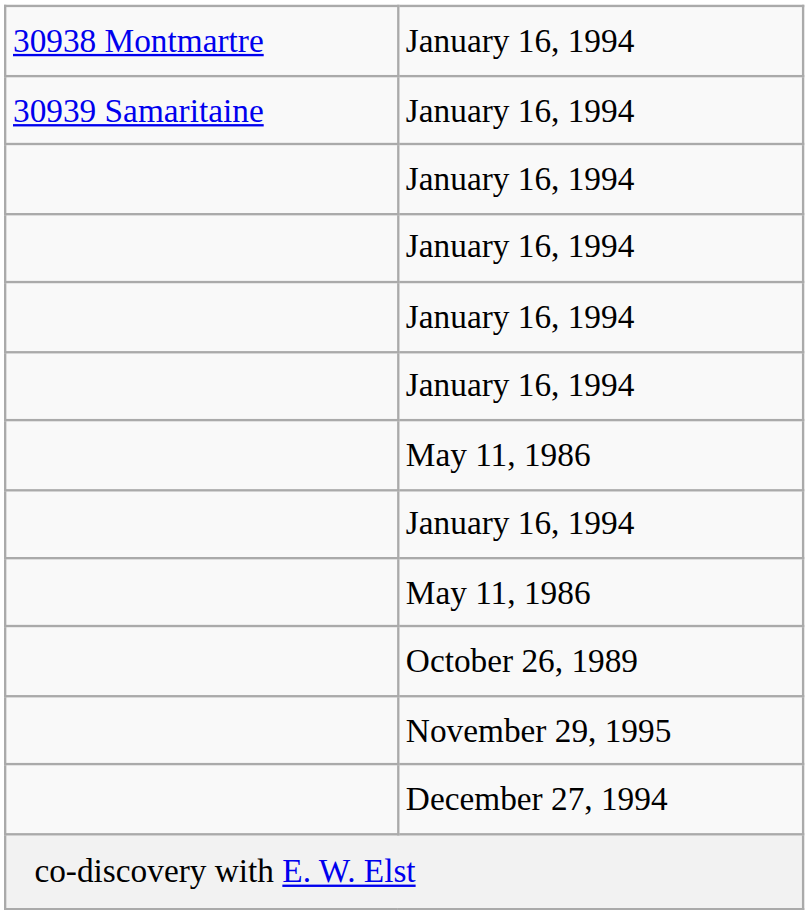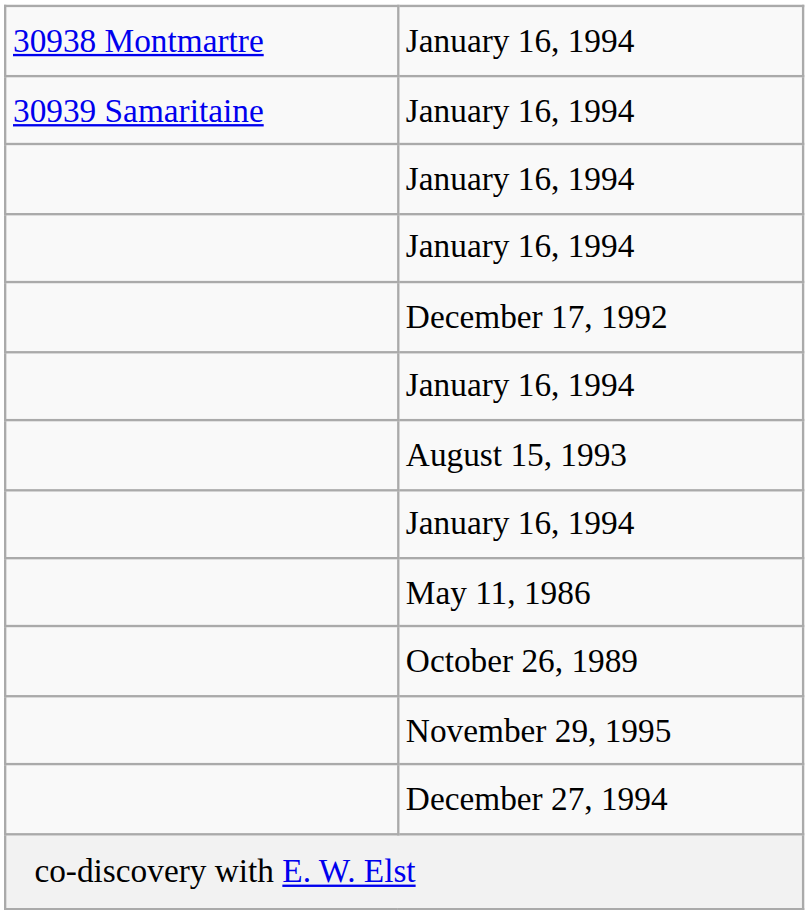 <table class="wikitable" style="font-size: 89%; float: left; width: 24em; margin-right: 1em; line-height: 1.6em !important;">
 <tr>
 <td><a href='#'>30938 Montmartre</a> </td>
 <td>January 16, 1994</td>
 </tr>
 <tr>
 <td><a href='#'>30939 Samaritaine</a> </td>
 <td>January 16, 1994</td>
 </tr>
 <tr>
 <td></td>
 <td>January 16, 1994</td>
 </tr>
 <tr>
 <td> </td>
 <td>January 16, 1994</td>
 </tr>
 <tr>
 <td></td>
-<td>January 16, 1994</td>
+<td>December 17, 1992</td>
 </tr>
 <tr>
 <td> </td>
 <td>January 16, 1994</td>
 </tr>
 <tr>
 <td> </td>
-<td>May 11, 1986</td>
+<td>August 15, 1993</td>
 </tr>
 <tr>
 <td> </td>
 <td>January 16, 1994</td>
 </tr>
 <tr>
 <td> </td>
 <td>May 11, 1986</td>
 </tr>
 <tr>
 <td></td>
 <td>October 26, 1989</td>
 </tr>
 <tr>
 <td></td>
 <td>November 29, 1995</td>
 </tr>
 <tr>
 <td></td>
 <td>December 27, 1994</td>
 </tr>
 <tr>
 <th colspan=2 style="font-weight: normal; text-align: left; padding: 4px 12px"> co-discovery with <a href='#'>E. W. Elst</a></th>
 </tr>
 </table>
